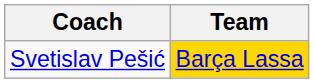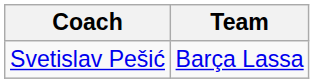 <table class="wikitable">
 <tr>
 <th align="center">Coach</th>
 <th align="center">Team</th>
 </tr>
 <tr>
 <td> <a href='#'>Svetislav Pešić</a></td>
-<td style="background: gold;"><a href='#'>Barça Lassa</a></td>
+<td><a href='#'>Barça Lassa</a></td>
 </tr>
 </table>
